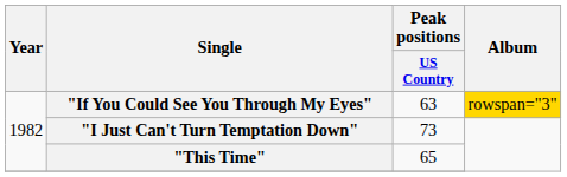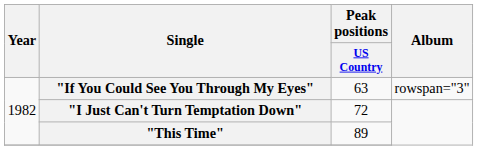 <table class="wikitable plainrowheaders" style="text-align:center;">
 <tr>
 <th rowspan="2">Year</th>
 <th rowspan="2" style="width:20em;">Single</th>
 <th colspan="1">Peak positions</th>
 <th rowspan="2">Album</th>
 </tr>
 <tr style="font-size:smaller;">
 <th width="60"><a href='#'>US Country</a></th>
 </tr>
 <tr>
 <td rowspan="3">1982</td>
 <th scope="row">"If You Could See You Through My Eyes"</th>
 <td>63</td>
-<td style="background: gold;">rowspan="3" </td>
+<td>rowspan="3" </td>
 </tr>
 <tr>
 <th scope="row">"I Just Can't Turn Temptation Down"</th>
-<td>73</td>
+<td>72</td>
 </tr>
 <tr>
 <th scope="row">"This Time"</th>
-<td>65</td>
+<td>89</td>
 </tr>
 <tr>
 </tr>
 </table>
